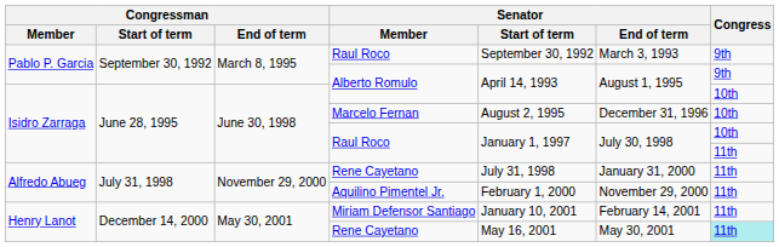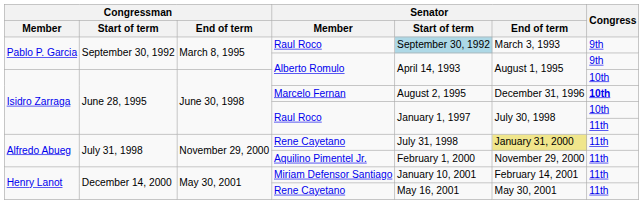 <table class="wikitable">
 <tr>
 <th colspan="3">Congressman</th>
 <th colspan="3">Senator</th>
 <th rowspan="2">Congress</th>
 </tr>
 <tr>
 <th>Member</th>
 <th>Start of term</th>
 <th>End of term</th>
 <th>Member</th>
 <th>Start of term</th>
 <th>End of term</th>
 </tr>
 <tr>
 <td rowspan="2"><a href='#'>Pablo P. Garcia</a></td>
 <td rowspan="2">September 30, 1992</td>
 <td rowspan="2">March 8, 1995</td>
 <td><a href='#'>Raul Roco</a></td>
-<td>September 30, 1992</td>
+<td style="background: lightblue;">September 30, 1992</td>
 <td>March 3, 1993</td>
 <td><a href='#'>9th</a></td>
 </tr>
 <tr>
 <td rowspan="2"><a href='#'>Alberto Romulo</a></td>
 <td rowspan="2">April 14, 1993</td>
 <td rowspan="2">August 1, 1995</td>
 <td><a href='#'>9th</a></td>
 </tr>
 <tr>
 <td rowspan="4"><a href='#'>Isidro Zarraga</a></td>
 <td rowspan="4">June 28, 1995</td>
 <td rowspan="4">June 30, 1998</td>
 <td><a href='#'>10th</a></td>
 </tr>
 <tr>
 <td><a href='#'>Marcelo Fernan</a></td>
 <td>August 2, 1995</td>
 <td>December 31, 1996</td>
-<td><a href='#'>10th</a></td>
+<td><strong><a href='#'>10th</a></strong></td>
 </tr>
 <tr>
 <td rowspan="2"><a href='#'>Raul Roco</a></td>
 <td rowspan="2">January 1, 1997</td>
 <td rowspan="2">July 30, 1998</td>
 <td><a href='#'>10th</a></td>
 </tr>
 <tr>
 <td><a href='#'>11th</a></td>
 </tr>
 <tr>
 <td rowspan="2"><a href='#'>Alfredo Abueg</a></td>
 <td rowspan="2">July 31, 1998</td>
 <td rowspan="2">November 29, 2000</td>
 <td><a href='#'>Rene Cayetano</a></td>
 <td>July 31, 1998</td>
-<td>January 31, 2000</td>
+<td style="background: khaki;">January 31, 2000</td>
 <td><a href='#'>11th</a></td>
 </tr>
 <tr>
 <td><a href='#'>Aquilino Pimentel Jr.</a></td>
 <td>February 1, 2000</td>
 <td>November 29, 2000</td>
 <td><a href='#'>11th</a></td>
 </tr>
 <tr>
 <td rowspan="2"><a href='#'>Henry Lanot</a></td>
 <td rowspan="2">December 14, 2000</td>
 <td rowspan="2">May 30, 2001</td>
 <td><a href='#'>Miriam Defensor Santiago</a></td>
 <td>January 10, 2001</td>
 <td>February 14, 2001</td>
 <td><a href='#'>11th</a></td>
 </tr>
 <tr>
 <td><a href='#'>Rene Cayetano</a></td>
 <td>May 16, 2001</td>
 <td>May 30, 2001</td>
-<td style="background: paleturquoise;"><a href='#'>11th</a></td>
+<td><a href='#'>11th</a></td>
 </tr>
 </table>
